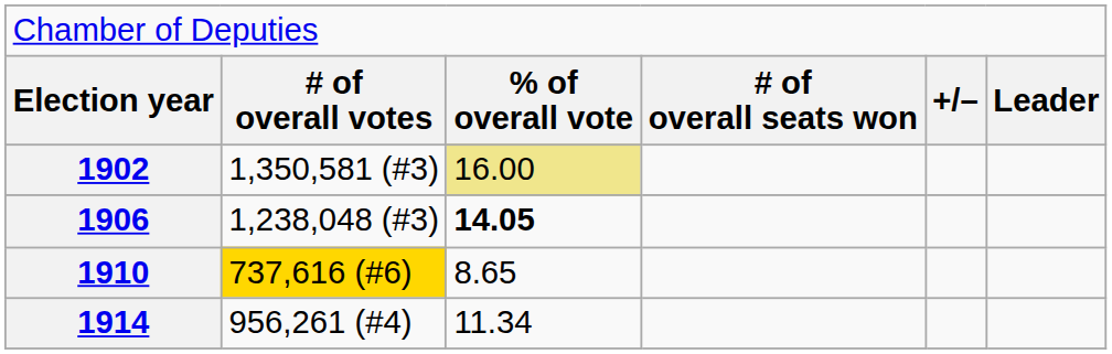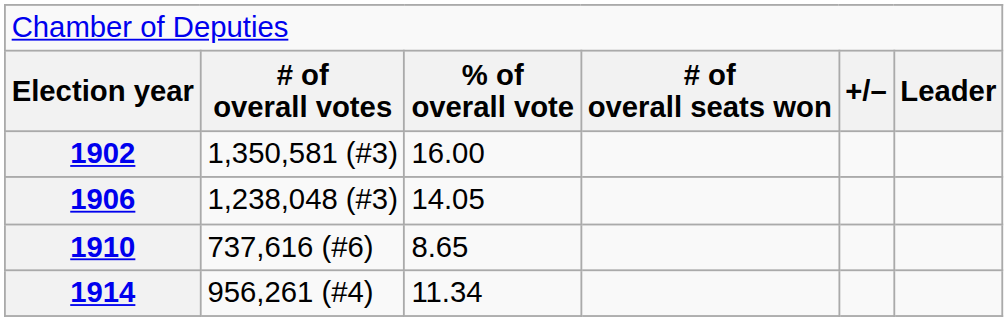 <table class=wikitable>
 <tr>
 <td colspan=6><a href='#'>Chamber of Deputies</a></td>
 </tr>
 <tr>
 <th>Election year</th>
 <th># of<br>overall votes</th>
 <th>% of<br>overall vote</th>
 <th># of<br>overall seats won</th>
 <th>+/–</th>
 <th>Leader</th>
 </tr>
 <tr>
 <th><a href='#'>1902</a></th>
 <td>1,350,581 (#3)</td>
-<td style="background: khaki;">16.00</td>
+<td>16.00</td>
 <td></td>
 <td></td>
 <td></td>
 </tr>
 <tr>
 <th><a href='#'>1906</a></th>
 <td>1,238,048 (#3)</td>
-<td><strong>14.05</strong></td>
+<td>14.05</td>
 <td></td>
 <td></td>
 <td></td>
 </tr>
 <tr>
 <th><a href='#'>1910</a></th>
-<td style="background: gold;">737,616 (#6)</td>
+<td>737,616 (#6)</td>
 <td>8.65</td>
 <td></td>
 <td></td>
 <td></td>
 </tr>
 <tr>
 <th><a href='#'>1914</a></th>
 <td>956,261 (#4)</td>
 <td>11.34</td>
 <td></td>
 <td></td>
 <td></td>
 </tr>
 </table>
